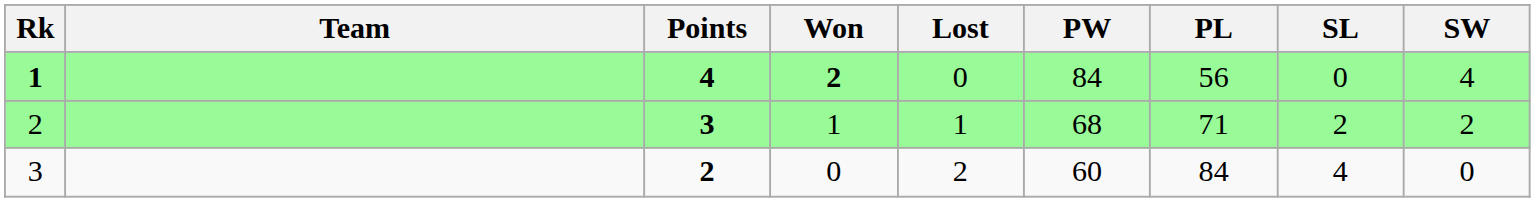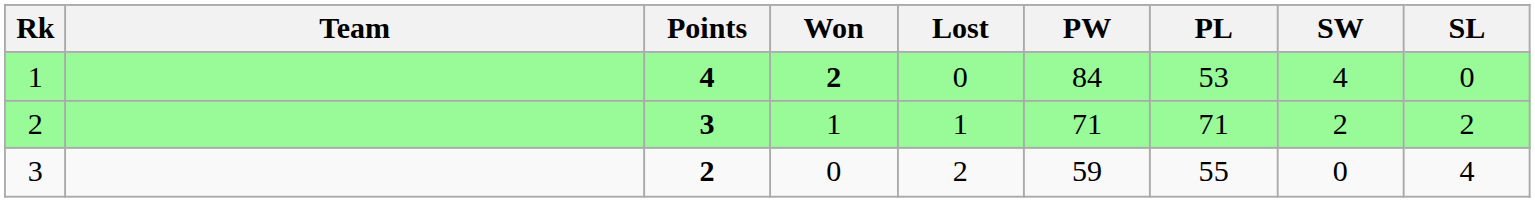 <table class=wikitable style=text-align:center>
 <tr>
 <th width=25>Rk</th>
 <th width=300>Team</th>
 <th width=60>Points</th>
 <th width=60>Won</th>
 <th width=60>Lost</th>
 <th width=60>PW</th>
 <th width=60>PL</th>
+<th width=60>SW</th>
 <th width=60>SL</th>
-<th width=60>SW</th>
 </tr>
 <tr bgcolor="#98fb98">
-<td><strong>1</strong></td>
+<td>1</td>
 <td align=left></td>
 <td><strong>4</strong></td>
 <td><strong>2</strong></td>
 <td>0</td>
 <td>84</td>
-<td>56</td>
+<td>53</td>
+<td>4</td>
 <td>0</td>
-<td>4</td>
 </tr>
 <tr bgcolor="#98fb98">
 <td>2</td>
 <td align=left></td>
 <td><strong>3</strong></td>
 <td>1</td>
 <td>1</td>
-<td>68</td>
+<td>71</td>
 <td>71</td>
 <td>2</td>
 <td>2</td>
 </tr>
 <tr>
 <td>3</td>
 <td align=left></td>
 <td><strong>2</strong></td>
 <td>0</td>
 <td>2</td>
-<td>60</td>
-<td>84</td>
+<td>59</td>
+<td>55</td>
+<td>0</td>
 <td>4</td>
-<td>0</td>
 </tr>
 </table>
